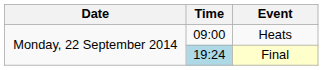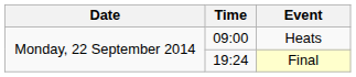 <table class = "wikitable" style="text-align:center;">
 <tr>
 <th width=220>Date</th>
 <th width=50>Time</th>
 <th width=100>Event</th>
 </tr>
 <tr>
 <td rowspan=2>Monday, 22 September 2014</td>
 <td>09:00</td>
 <td>Heats</td>
 </tr>
 <tr>
-<td style="background: lightblue;">19:24</td>
+<td>19:24</td>
 <td bgcolor=ffffcc>Final</td>
 </tr>
 </table>
